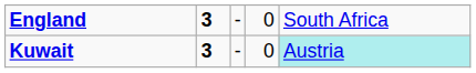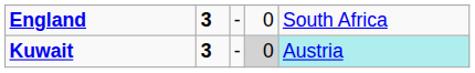 <table class="wikitable">
 <tr>
 <td width=150> <strong><a href='#'>England</a></strong></td>
 <td style="width:20px; text-align:left;"><strong>3</strong></td>
 <td>-</td>
 <td style="width:20px; text-align:right;">0</td>
 <td width=150> <a href='#'>South Africa</a></td>
 </tr>
 <tr>
 <td> <strong><a href='#'>Kuwait</a></strong></td>
 <td style="text-align:left;"><strong>3</strong></td>
 <td>-</td>
-<td style="text-align:right;">0</td>
+<td style="background: lightgrey; text-align:right;">0</td>
 <td style="background: paleturquoise;"> <a href='#'>Austria</a></td>
 </tr>
 </table>
